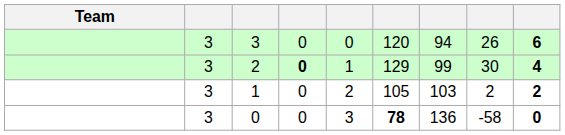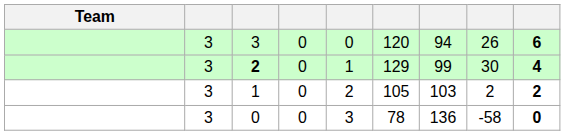 <table class=wikitable style="text-align:center">
 <tr>
 <th width=175>Team</th>
 <th width=40></th>
 <th width=40></th>
 <th width=40></th>
 <th width=40></th>
 <th width=40></th>
 <th width=40></th>
 <th width=40></th>
 <th width=40></th>
 </tr>
 <tr style="background:#ccffcc">
 <td align=left></td>
 <td>3</td>
 <td>3</td>
 <td>0</td>
 <td>0</td>
 <td>120</td>
 <td>94</td>
 <td>26</td>
 <td><strong>6</strong></td>
 </tr>
 <tr style="background:#ccffcc">
 <td align=left></td>
 <td>3</td>
-<td>2</td>
-<td><strong>0</strong></td>
+<td><strong>2</strong></td>
+<td>0</td>
 <td>1</td>
 <td>129</td>
 <td>99</td>
 <td>30</td>
 <td><strong>4</strong></td>
 </tr>
 <tr style="background:white;">
 <td align=left></td>
 <td>3</td>
 <td>1</td>
 <td>0</td>
 <td>2</td>
 <td>105</td>
 <td>103</td>
 <td>2</td>
 <td><strong>2</strong></td>
 </tr>
 <tr style="background:white;">
 <td align=left></td>
 <td>3</td>
 <td>0</td>
 <td>0</td>
 <td>3</td>
-<td><strong>78</strong></td>
+<td>78</td>
 <td>136</td>
 <td>-58</td>
 <td><strong>0</strong></td>
 </tr>
 </table>
